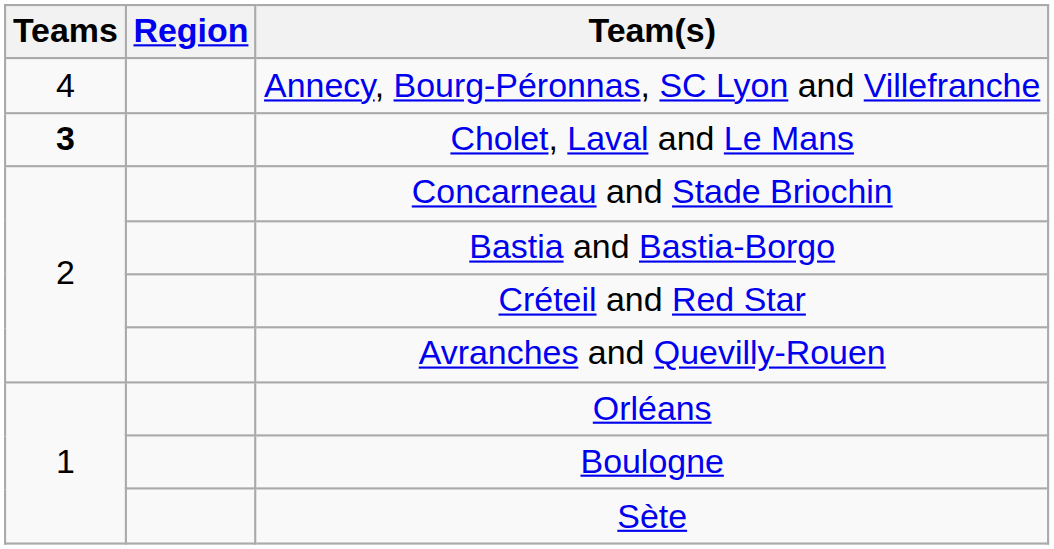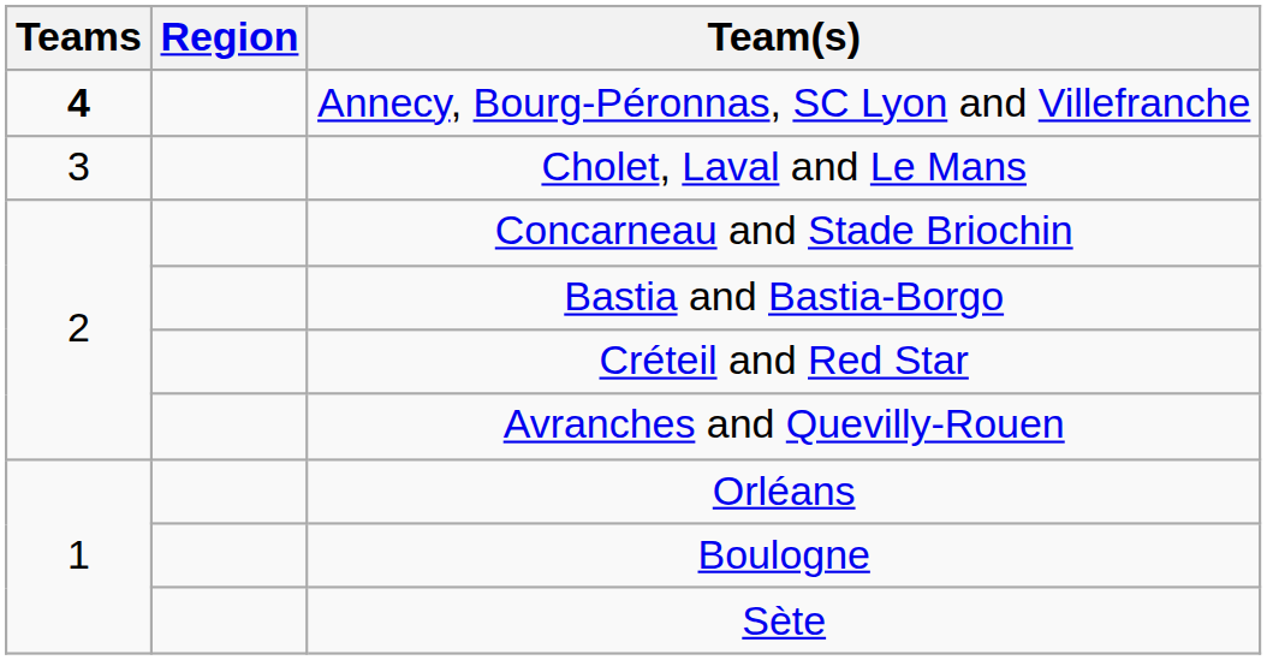 <table class="wikitable" style="text-align:center">
 <tr>
 <th>Teams</th>
 <th><a href='#'>Region</a></th>
 <th>Team(s)</th>
 </tr>
 <tr>
-<td rowspan="1">4</td>
+<td rowspan="1"><strong>4</strong></td>
 <td align="left"></td>
 <td><a href='#'>Annecy</a>, <a href='#'>Bourg-Péronnas</a>, <a href='#'>SC Lyon</a> and <a href='#'>Villefranche</a></td>
 </tr>
 <tr>
-<td rowspan="1"><strong>3</strong></td>
+<td rowspan="1">3</td>
 <td align="left"></td>
 <td><a href='#'>Cholet</a>, <a href='#'>Laval</a> and <a href='#'>Le Mans</a></td>
 </tr>
 <tr>
 <td rowspan="4">2</td>
 <td align="left"></td>
 <td><a href='#'>Concarneau</a> and <a href='#'>Stade Briochin</a></td>
 </tr>
 <tr>
 <td align="left"></td>
 <td><a href='#'>Bastia</a> and <a href='#'>Bastia-Borgo</a></td>
 </tr>
 <tr>
 <td align="left"></td>
 <td><a href='#'>Créteil</a> and <a href='#'>Red Star</a></td>
 </tr>
 <tr>
 <td align="left"></td>
 <td><a href='#'>Avranches</a> and <a href='#'>Quevilly-Rouen</a></td>
 </tr>
 <tr>
 <td rowspan="3">1</td>
 <td align="left"></td>
 <td><a href='#'>Orléans</a></td>
 </tr>
 <tr>
 <td align="left"></td>
 <td><a href='#'>Boulogne</a></td>
 </tr>
 <tr>
 <td align="left"></td>
 <td><a href='#'>Sète</a></td>
 </tr>
 </table>
